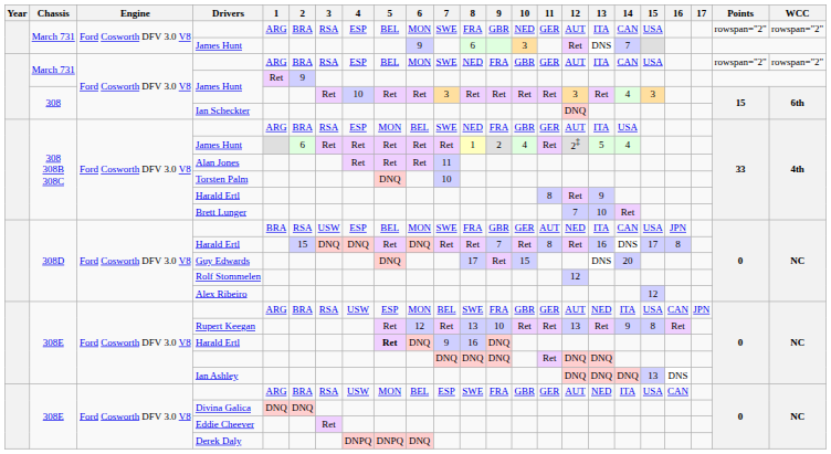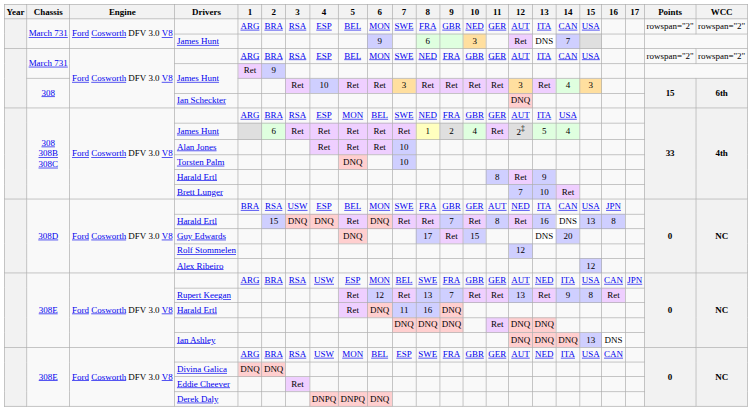 <table class="wikitable" style="text-align:center; font-size:85%">
 <tr>
 <th>Year</th>
 <th>Chassis</th>
 <th>Engine</th>
 <th>Drivers</th>
 <th>1</th>
 <th>2</th>
 <th>3</th>
 <th>4</th>
 <th>5</th>
 <th>6</th>
 <th>7</th>
 <th>8</th>
 <th>9</th>
 <th>10</th>
 <th>11</th>
 <th>12</th>
 <th>13</th>
 <th>14</th>
 <th>15</th>
 <th>16</th>
 <th>17</th>
 <th>Points</th>
 <th>WCC</th>
 </tr>
 <tr>
 <th rowspan="2"></th>
 <td rowspan="2"><a href='#'>March 731</a></td>
 <td rowspan="2"><a href='#'>Ford</a> <a href='#'>Cosworth</a> DFV 3.0 <a href='#'>V8</a></td>
 <td></td>
 <td><a href='#'>ARG</a></td>
 <td><a href='#'>BRA</a></td>
 <td><a href='#'>RSA</a></td>
 <td><a href='#'>ESP</a></td>
 <td><a href='#'>BEL</a></td>
 <td><a href='#'>MON</a></td>
 <td><a href='#'>SWE</a></td>
 <td><a href='#'>FRA</a></td>
 <td><a href='#'>GBR</a></td>
 <td><a href='#'>NED</a></td>
 <td><a href='#'>GER</a></td>
 <td><a href='#'>AUT</a></td>
 <td><a href='#'>ITA</a></td>
 <td><a href='#'>CAN</a></td>
 <td><a href='#'>USA</a></td>
 <td></td>
 <td></td>
 <td>rowspan="2" </td>
 <td>rowspan="2" </td>
 </tr>
 <tr>
 <td align="left"> <a href='#'>James Hunt</a></td>
 <td></td>
 <td></td>
 <td></td>
 <td></td>
 <td></td>
 <td style="background:#CFCFFF;">9</td>
 <td></td>
 <td style="background:#DFFFDF;">6</td>
 <td style="background:#DFFFDF;"></td>
 <td style="background:#FFDF9F;">3</td>
 <td></td>
 <td style="background:#EFCFFF;">Ret</td>
 <td style="background:#FFFFFF;">DNS</td>
 <td style="background:#CFCFFF;">7</td>
 <td style="background:#DFDFDF;"></td>
 <td></td>
 <td></td>
 </tr>
 <tr>
 <th rowspan="4"></th>
 <td rowspan="2"><a href='#'>March 731</a></td>
 <td rowspan="4"><a href='#'>Ford</a> <a href='#'>Cosworth</a> DFV 3.0 <a href='#'>V8</a></td>
 <td></td>
 <td><a href='#'>ARG</a></td>
 <td><a href='#'>BRA</a></td>
 <td><a href='#'>RSA</a></td>
 <td><a href='#'>ESP</a></td>
 <td><a href='#'>BEL</a></td>
 <td><a href='#'>MON</a></td>
 <td><a href='#'>SWE</a></td>
 <td><a href='#'>NED</a></td>
 <td><a href='#'>FRA</a></td>
 <td><a href='#'>GBR</a></td>
 <td><a href='#'>GER</a></td>
 <td><a href='#'>AUT</a></td>
 <td><a href='#'>ITA</a></td>
 <td><a href='#'>CAN</a></td>
 <td><a href='#'>USA</a></td>
 <td></td>
 <td></td>
 <td>rowspan="2" </td>
 <td>rowspan="2" </td>
 </tr>
 <tr>
 <td rowspan="2" align="left"> <a href='#'>James Hunt</a></td>
 <td style="background:#EFCFFF;">Ret</td>
 <td style="background:#CFCFFF;">9</td>
 <td></td>
 <td></td>
 <td></td>
 <td></td>
 <td></td>
 <td></td>
 <td></td>
 <td></td>
 <td></td>
 <td></td>
 <td></td>
 <td></td>
 <td></td>
 <td></td>
 <td></td>
 </tr>
 <tr>
 <td rowspan="2"><a href='#'>308</a></td>
 <td></td>
 <td></td>
 <td style="background:#EFCFFF;">Ret</td>
 <td style="background:#CFCFFF;">10</td>
 <td style="background:#EFCFFF;">Ret</td>
 <td style="background:#EFCFFF;">Ret</td>
 <td style="background:#FFDF9F;">3</td>
 <td style="background:#EFCFFF;">Ret</td>
 <td style="background:#EFCFFF;">Ret</td>
 <td style="background:#EFCFFF;">Ret</td>
 <td style="background:#EFCFFF;">Ret</td>
 <td style="background:#FFDF9F;">3</td>
 <td style="background:#EFCFFF;">Ret</td>
 <td style="background:#DFFFDF;">4</td>
 <td style="background:#FFDF9F;">3</td>
 <td></td>
 <td></td>
 <th rowspan="2">15</th>
 <th rowspan="2">6th</th>
 </tr>
 <tr>
 <td align="left"> <a href='#'>Ian Scheckter</a></td>
 <td></td>
 <td></td>
 <td></td>
 <td></td>
 <td></td>
 <td></td>
 <td></td>
 <td></td>
 <td></td>
 <td></td>
 <td></td>
 <td style="background:#FFCFCF;">DNQ</td>
 <td></td>
 <td></td>
 <td></td>
 <td></td>
 <td></td>
 </tr>
 <tr>
 <th rowspan="6"></th>
 <td rowspan="6"><a href='#'>308</a><br><a href='#'>308B</a><br><a href='#'>308C</a></td>
 <td rowspan="6"><a href='#'>Ford</a> <a href='#'>Cosworth</a> DFV 3.0 <a href='#'>V8</a></td>
 <td></td>
 <td><a href='#'>ARG</a></td>
 <td><a href='#'>BRA</a></td>
 <td><a href='#'>RSA</a></td>
 <td><a href='#'>ESP</a></td>
 <td><a href='#'>MON</a></td>
 <td><a href='#'>BEL</a></td>
 <td><a href='#'>SWE</a></td>
 <td><a href='#'>NED</a></td>
 <td><a href='#'>FRA</a></td>
 <td><a href='#'>GBR</a></td>
 <td><a href='#'>GER</a></td>
 <td><a href='#'>AUT</a></td>
 <td><a href='#'>ITA</a></td>
 <td><a href='#'>USA</a></td>
 <td></td>
 <td></td>
 <td></td>
 <th rowspan="6">33</th>
 <th rowspan="6">4th</th>
 </tr>
 <tr>
 <td align="left"> <a href='#'>James Hunt</a></td>
 <td style="background:#DFDFDF;"></td>
 <td style="background:#DFFFDF;">6</td>
 <td style="background:#EFCFFF;">Ret</td>
 <td style="background:#EFCFFF;">Ret</td>
 <td style="background:#EFCFFF;">Ret</td>
 <td style="background:#EFCFFF;">Ret</td>
 <td style="background:#EFCFFF;">Ret</td>
 <td style="background:#FFFFBF;">1</td>
 <td style="background:#DFDFDF;">2</td>
 <td style="background:#DFFFDF;">4</td>
 <td style="background:#EFCFFF;">Ret</td>
 <td style="background:#DFDFDF;">2<sup>‡</sup></td>
 <td style="background:#DFFFDF;">5</td>
 <td style="background:#DFFFDF;">4</td>
 <td></td>
 <td></td>
 <td></td>
 </tr>
 <tr>
 <td align="left"> <a href='#'>Alan Jones</a></td>
 <td></td>
 <td></td>
 <td></td>
 <td style="background:#EFCFFF;">Ret</td>
 <td style="background:#EFCFFF;">Ret</td>
 <td style="background:#EFCFFF;">Ret</td>
-<td style="background:#CFCFFF;">11</td>
+<td style="background:#CFCFFF;">10</td>
 <td></td>
 <td></td>
 <td></td>
 <td></td>
 <td></td>
 <td></td>
 <td></td>
 <td></td>
 <td></td>
 <td></td>
 </tr>
 <tr>
 <td align="left"> <a href='#'>Torsten Palm</a></td>
 <td></td>
 <td></td>
 <td></td>
 <td></td>
 <td style="background:#FFCFCF;">DNQ</td>
 <td></td>
 <td style="background:#CFCFFF;">10</td>
 <td></td>
 <td></td>
 <td></td>
 <td></td>
 <td></td>
 <td></td>
 <td></td>
 <td></td>
 <td></td>
 <td></td>
 </tr>
 <tr>
 <td align="left"> <a href='#'>Harald Ertl</a></td>
 <td></td>
 <td></td>
 <td></td>
 <td></td>
 <td></td>
 <td></td>
 <td></td>
 <td></td>
 <td></td>
 <td></td>
 <td style="background:#CFCFFF;">8</td>
 <td style="background:#EFCFFF;">Ret</td>
 <td style="background:#CFCFFF;">9</td>
 <td></td>
 <td></td>
 <td></td>
 <td></td>
 </tr>
 <tr>
 <td align="left"> <a href='#'>Brett Lunger</a></td>
 <td></td>
 <td></td>
 <td></td>
 <td></td>
 <td></td>
 <td></td>
 <td></td>
 <td></td>
 <td></td>
 <td></td>
 <td></td>
 <td style="background:#CFCFFF;">7</td>
 <td style="background:#CFCFFF;">10</td>
 <td style="background:#EFCFFF;">Ret</td>
 <td></td>
 <td></td>
 <td></td>
 </tr>
 <tr>
 <th rowspan="5"></th>
 <td rowspan="5"><a href='#'>308D</a></td>
 <td rowspan="5"><a href='#'>Ford</a> <a href='#'>Cosworth</a> DFV 3.0 <a href='#'>V8</a></td>
 <td></td>
 <td><a href='#'>BRA</a></td>
 <td><a href='#'>RSA</a></td>
 <td><a href='#'>USW</a></td>
 <td><a href='#'>ESP</a></td>
 <td><a href='#'>BEL</a></td>
 <td><a href='#'>MON</a></td>
 <td><a href='#'>SWE</a></td>
 <td><a href='#'>FRA</a></td>
 <td><a href='#'>GBR</a></td>
 <td><a href='#'>GER</a></td>
 <td><a href='#'>AUT</a></td>
 <td><a href='#'>NED</a></td>
 <td><a href='#'>ITA</a></td>
 <td><a href='#'>CAN</a></td>
 <td><a href='#'>USA</a></td>
 <td><a href='#'>JPN</a></td>
 <td></td>
 <th rowspan="5">0</th>
 <th rowspan="5">NC</th>
 </tr>
 <tr>
 <td align="left"> <a href='#'>Harald Ertl</a></td>
 <td></td>
 <td style="background:#CFCFFF;">15</td>
 <td style="background:#FFCFCF;">DNQ</td>
 <td style="background:#FFCFCF;">DNQ</td>
 <td style="background:#EFCFFF;">Ret</td>
 <td style="background:#FFCFCF;">DNQ</td>
 <td style="background:#EFCFFF;">Ret</td>
 <td style="background:#EFCFFF;">Ret</td>
 <td style="background:#CFCFFF;">7</td>
 <td style="background:#EFCFFF;">Ret</td>
 <td style="background:#CFCFFF;">8</td>
 <td style="background:#EFCFFF;">Ret</td>
 <td style="background:#CFCFFF;">16</td>
 <td style="background:#FFFFFF;">DNS</td>
-<td style="background:#CFCFFF;">17</td>
+<td style="background:#CFCFFF;">13</td>
 <td style="background:#CFCFFF;">8</td>
 <td></td>
 </tr>
 <tr>
 <td align="left"> <a href='#'>Guy Edwards</a></td>
 <td></td>
 <td></td>
 <td></td>
 <td></td>
 <td style="background:#FFCFCF;">DNQ</td>
 <td></td>
 <td></td>
 <td style="background:#CFCFFF;">17</td>
 <td style="background:#EFCFFF;">Ret</td>
 <td style="background:#CFCFFF;">15</td>
 <td></td>
 <td></td>
 <td style="background:#FFFFFF;">DNS</td>
 <td style="background:#CFCFFF;">20</td>
 <td></td>
 <td></td>
 <td></td>
 </tr>
 <tr>
 <td align="left"> <a href='#'>Rolf Stommelen</a></td>
 <td></td>
 <td></td>
 <td></td>
 <td></td>
 <td></td>
 <td></td>
 <td></td>
 <td></td>
 <td></td>
 <td></td>
 <td></td>
 <td style="background:#CFCFFF;">12</td>
 <td></td>
 <td></td>
 <td></td>
 <td></td>
 <td></td>
 </tr>
 <tr>
 <td align="left"> <a href='#'>Alex Ribeiro</a></td>
 <td></td>
 <td></td>
 <td></td>
 <td></td>
 <td></td>
 <td></td>
 <td></td>
 <td></td>
 <td></td>
 <td></td>
 <td></td>
 <td></td>
 <td></td>
 <td></td>
 <td style="background:#CFCFFF;">12</td>
 <td></td>
 <td></td>
 </tr>
 <tr>
 <th rowspan="5"></th>
 <td rowspan="5"><a href='#'>308E</a></td>
 <td rowspan="5"><a href='#'>Ford</a> <a href='#'>Cosworth</a> DFV 3.0 <a href='#'>V8</a></td>
 <td></td>
 <td><a href='#'>ARG</a></td>
 <td><a href='#'>BRA</a></td>
 <td><a href='#'>RSA</a></td>
 <td><a href='#'>USW</a></td>
 <td><a href='#'>ESP</a></td>
 <td><a href='#'>MON</a></td>
 <td><a href='#'>BEL</a></td>
 <td><a href='#'>SWE</a></td>
 <td><a href='#'>FRA</a></td>
 <td><a href='#'>GBR</a></td>
 <td><a href='#'>GER</a></td>
 <td><a href='#'>AUT</a></td>
 <td><a href='#'>NED</a></td>
 <td><a href='#'>ITA</a></td>
 <td><a href='#'>USA</a></td>
 <td><a href='#'>CAN</a></td>
 <td><a href='#'>JPN</a></td>
 <th rowspan="5">0</th>
 <th rowspan="5">NC</th>
 </tr>
 <tr>
 <td align="left"> <a href='#'>Rupert Keegan</a></td>
 <td></td>
 <td></td>
 <td></td>
 <td></td>
 <td style="background:#EFCFFF;">Ret</td>
 <td style="background:#CFCFFF;">12</td>
 <td style="background:#EFCFFF;">Ret</td>
 <td style="background:#CFCFFF;">13</td>
-<td style="background:#CFCFFF;">10</td>
+<td style="background:#CFCFFF;">7</td>
 <td style="background:#EFCFFF;">Ret</td>
 <td style="background:#EFCFFF;">Ret</td>
 <td style="background:#CFCFFF;">13</td>
 <td style="background:#EFCFFF;">Ret</td>
 <td style="background:#CFCFFF;">9</td>
 <td style="background:#CFCFFF;">8</td>
 <td style="background:#EFCFFF;">Ret</td>
 <td></td>
 </tr>
 <tr>
 <td align="left"> <a href='#'>Harald Ertl</a></td>
 <td></td>
 <td></td>
 <td></td>
 <td></td>
-<td style="background:#EFCFFF;"><strong>Ret</strong></td>
+<td style="background:#EFCFFF;">Ret</td>
 <td style="background:#FFCFCF;">DNQ</td>
-<td style="background:#CFCFFF;">9</td>
+<td style="background:#CFCFFF;">11</td>
 <td style="background:#CFCFFF;">16</td>
 <td style="background:#FFCFCF;">DNQ</td>
 <td></td>
 <td></td>
 <td></td>
 <td></td>
 <td></td>
 <td></td>
 <td></td>
 <td></td>
 </tr>
 <tr>
 <td align="left"></td>
 <td></td>
 <td></td>
 <td></td>
 <td></td>
 <td></td>
 <td></td>
 <td style="background:#FFCFCF;">DNQ</td>
 <td style="background:#FFCFCF;">DNQ</td>
 <td style="background:#FFCFCF;">DNQ</td>
 <td></td>
 <td style="background:#EFCFFF;">Ret</td>
 <td style="background:#FFCFCF;">DNQ</td>
 <td style="background:#FFCFCF;">DNQ</td>
 <td></td>
 <td></td>
 <td></td>
 <td></td>
 </tr>
 <tr>
 <td align="left"> <a href='#'>Ian Ashley</a></td>
 <td></td>
 <td></td>
 <td></td>
 <td></td>
 <td></td>
 <td></td>
 <td></td>
 <td></td>
 <td></td>
 <td></td>
 <td></td>
 <td style="background:#FFCFCF;">DNQ</td>
 <td style="background:#FFCFCF;">DNQ</td>
 <td style="background:#FFCFCF;">DNQ</td>
 <td style="background:#CFCFFF;">13</td>
 <td style="background:#FFFFFF;">DNS</td>
 <td></td>
 </tr>
 <tr>
 <th rowspan="4"></th>
 <td rowspan="4"><a href='#'>308E</a></td>
 <td rowspan="4"><a href='#'>Ford</a> <a href='#'>Cosworth</a> DFV 3.0 <a href='#'>V8</a></td>
 <td></td>
 <td><a href='#'>ARG</a></td>
 <td><a href='#'>BRA</a></td>
 <td><a href='#'>RSA</a></td>
 <td><a href='#'>USW</a></td>
 <td><a href='#'>MON</a></td>
 <td><a href='#'>BEL</a></td>
 <td><a href='#'>ESP</a></td>
 <td><a href='#'>SWE</a></td>
 <td><a href='#'>FRA</a></td>
 <td><a href='#'>GBR</a></td>
 <td><a href='#'>GER</a></td>
 <td><a href='#'>AUT</a></td>
 <td><a href='#'>NED</a></td>
 <td><a href='#'>ITA</a></td>
 <td><a href='#'>USA</a></td>
 <td><a href='#'>CAN</a></td>
 <td></td>
 <th rowspan="4">0</th>
 <th rowspan="4">NC</th>
 </tr>
 <tr>
 <td align="left"> <a href='#'>Divina Galica</a></td>
 <td style="background:#FFCFCF;">DNQ</td>
 <td style="background:#FFCFCF;">DNQ</td>
 <td></td>
 <td></td>
 <td></td>
 <td></td>
 <td></td>
 <td></td>
 <td></td>
 <td></td>
 <td></td>
 <td></td>
 <td></td>
 <td></td>
 <td></td>
 <td></td>
 <td></td>
 </tr>
 <tr>
 <td align="left"> <a href='#'>Eddie Cheever</a></td>
 <td></td>
 <td></td>
 <td style="background:#EFCFFF;">Ret</td>
 <td></td>
 <td></td>
 <td></td>
 <td></td>
 <td></td>
 <td></td>
 <td></td>
 <td></td>
 <td></td>
 <td></td>
 <td></td>
 <td></td>
 <td></td>
 <td></td>
 </tr>
 <tr>
 <td align="left"> <a href='#'>Derek Daly</a></td>
 <td></td>
 <td></td>
 <td></td>
 <td style="background:#FFCFCF;">DNPQ</td>
 <td style="background:#FFCFCF;">DNPQ</td>
 <td style="background:#FFCFCF;">DNQ</td>
 <td></td>
 <td></td>
 <td></td>
 <td></td>
 <td></td>
 <td></td>
 <td></td>
 <td></td>
 <td></td>
 <td></td>
 <td></td>
 </tr>
 </table>
